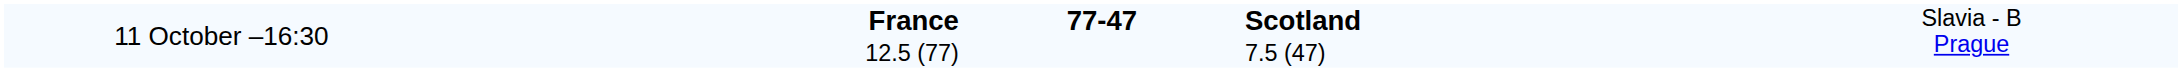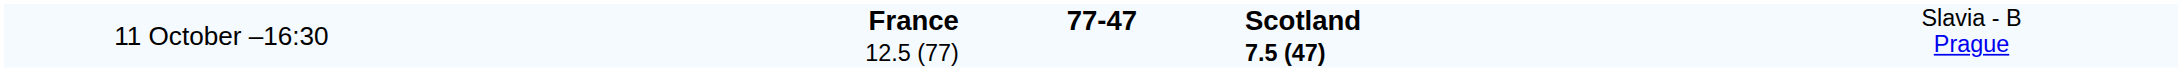 <table style="width: 100%; background:#F5FAFF;" cellspacing="0">
 <tr>
 <td style=font-size:95% align=center rowspan=3 width=20%>11 October –16:30</td>
 </tr>
 <tr>
 <td width=24% align=right><strong>France</strong> </td>
 <td align=center width=13%><strong>77-47</strong></td>
 <td width=24%> <strong>Scotland</strong></td>
 <td style=font-size:85% rowspan=3 valign=top align=center>Slavia - B <br><a href='#'>Prague</a></td>
 </tr>
 <tr style=font-size:85%>
 <td align=right>12.5 (77)</td>
 <td align=center></td>
-<td>7.5 (47)</td>
+<td><strong>7.5 (47)</strong></td>
 </tr>
 </table>
